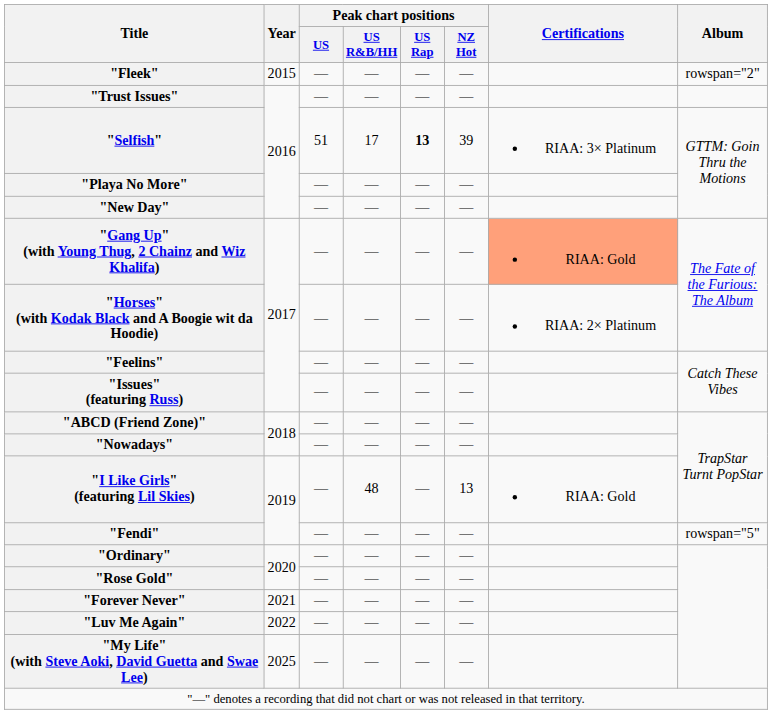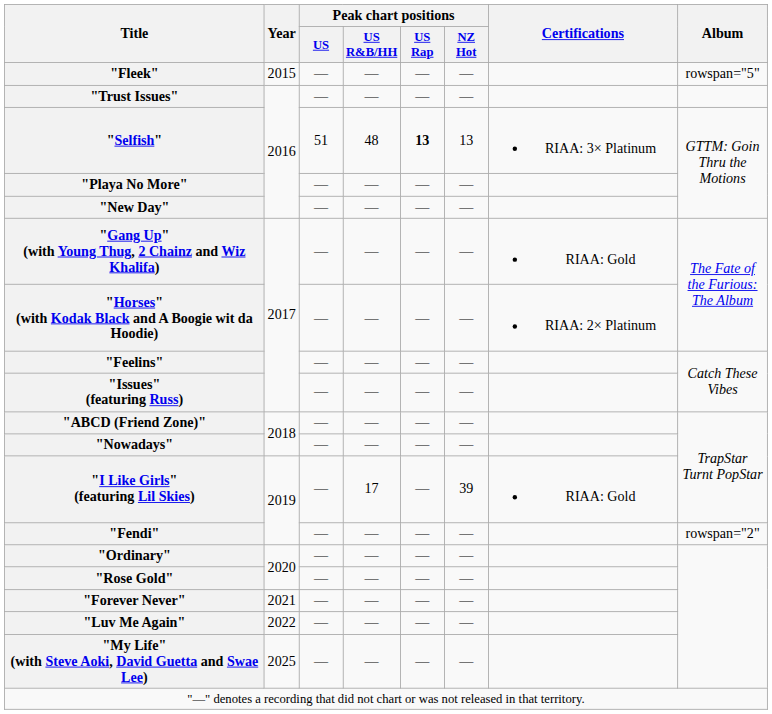 <table class="wikitable plainrowheaders" style="text-align:center;">
 <tr>
 <th scope="col" rowspan="2" style="width:18em;">Title</th>
 <th scope="col" rowspan="2">Year</th>
 <th scope="col" colspan="4">Peak chart positions</th>
 <th scope="col" rowspan="2" style="width:13em;"><a href='#'>Certifications</a></th>
 <th scope="col" rowspan="2">Album</th>
 </tr>
 <tr>
 <th scope="col" style="width:3em;font-size:90%;"><a href='#'>US</a><br></th>
 <th scope="col" style="width:3em;font-size:90%;"><a href='#'>US R&B/HH</a><br></th>
 <th scope="col" style="width:3em;font-size:90%;"><a href='#'>US Rap</a><br></th>
 <th scope="col" style="width:3em;font-size:90%;"><a href='#'>NZ<br>Hot</a><br></th>
 </tr>
 <tr>
 <th scope="row">"Fleek"</th>
 <td>2015</td>
 <td>—</td>
 <td>—</td>
 <td>—</td>
 <td>—</td>
 <td></td>
-<td>rowspan="2" </td>
+<td>rowspan="5" </td>
 </tr>
 <tr>
 <th scope="row">"Trust Issues"<br></th>
 <td rowspan="4">2016</td>
 <td>—</td>
 <td>—</td>
 <td>—</td>
 <td>—</td>
 <td></td>
 </tr>
 <tr>
 <th scope="row">"<a href='#'>Selfish</a>"</th>
 <td>51</td>
-<td>17</td>
+<td>48</td>
 <td><strong>13</strong></td>
-<td>39</td>
+<td>13<br></td>
 <td><br><ul><li>RIAA: 3× Platinum</li></ul></td>
 <td rowspan="3"><em>GTTM: Goin Thru the Motions</em></td>
 </tr>
 <tr>
 <th scope="row">"Playa No More"<br></th>
 <td>—</td>
 <td>—</td>
 <td>—</td>
 <td>—</td>
 <td></td>
 </tr>
 <tr>
 <th scope="row">"New Day"</th>
 <td>—</td>
 <td>—</td>
 <td>—</td>
 <td>—</td>
 <td></td>
 </tr>
 <tr>
 <th scope="row">"<a href='#'>Gang Up</a>"<br><span>(with <a href='#'>Young Thug</a>, <a href='#'>2 Chainz</a> and <a href='#'>Wiz Khalifa</a>)</span></th>
 <td rowspan="4">2017</td>
 <td>—</td>
 <td>—</td>
 <td>—</td>
 <td>—</td>
-<td style="background: lightsalmon;"><br><ul><li>RIAA: Gold</li></ul></td>
+<td><br><ul><li>RIAA: Gold</li></ul></td>
 <td rowspan="2"><em><a href='#'>The Fate of the Furious: The Album</a></em></td>
 </tr>
 <tr>
 <th scope="row">"<a href='#'>Horses</a>"<br><span>(with <a href='#'>Kodak Black</a> and A Boogie wit da Hoodie)</span></th>
 <td>—</td>
 <td>—</td>
 <td>—</td>
 <td>—</td>
 <td><br><ul><li>RIAA: 2× Platinum</li></ul></td>
 </tr>
 <tr>
 <th scope="row">"Feelins"</th>
 <td>—</td>
 <td>—</td>
 <td>—</td>
 <td>—</td>
 <td></td>
 <td rowspan="2"><em>Catch These Vibes</em></td>
 </tr>
 <tr>
 <th scope="row">"Issues"<br><span>(featuring <a href='#'>Russ</a>)</span></th>
 <td>—</td>
 <td>—</td>
 <td>—</td>
 <td>—</td>
 <td></td>
 </tr>
 <tr>
 <th scope="row">"ABCD (Friend Zone)"</th>
 <td rowspan="2">2018</td>
 <td>—</td>
 <td>—</td>
 <td>—</td>
 <td>—</td>
 <td></td>
 <td rowspan="3"><em>TrapStar Turnt PopStar</em></td>
 </tr>
 <tr>
 <th scope="row">"Nowadays"</th>
 <td>—</td>
 <td>—</td>
 <td>—</td>
 <td>—</td>
 <td></td>
 </tr>
 <tr>
 <th scope="row">"<a href='#'>I Like Girls</a>"<br><span>(featuring <a href='#'>Lil Skies</a>)</span></th>
 <td rowspan="2">2019</td>
 <td>—</td>
-<td>48</td>
+<td>17</td>
 <td>—</td>
-<td>13<br></td>
+<td>39</td>
 <td><br><ul><li>RIAA: Gold</li></ul></td>
 </tr>
 <tr>
 <th scope="row">"Fendi"<br></th>
 <td>—</td>
 <td>—</td>
 <td>—</td>
 <td>—</td>
 <td></td>
-<td>rowspan="5" </td>
+<td>rowspan="2" </td>
 </tr>
 <tr>
 <th scope="row">"Ordinary"<br></th>
 <td rowspan="2">2020</td>
 <td>—</td>
 <td>—</td>
 <td>—</td>
 <td>—</td>
 <td></td>
 </tr>
 <tr>
 <th scope="row">"Rose Gold"<br></th>
 <td>—</td>
 <td>—</td>
 <td>—</td>
 <td>—</td>
 <td></td>
 </tr>
 <tr>
 <th scope="row">"Forever Never"<br></th>
 <td rowspan="1">2021</td>
 <td>—</td>
 <td>—</td>
 <td>—</td>
 <td>—</td>
 <td></td>
 </tr>
 <tr>
 <th scope="row">"Luv Me Again"</th>
 <td rowspan="1">2022</td>
 <td>—</td>
 <td>—</td>
 <td>—</td>
 <td>—</td>
 <td></td>
 </tr>
 <tr>
 <th scope="row">"My Life"<br><span>(with <a href='#'>Steve Aoki</a>, <a href='#'>David Guetta</a> and <a href='#'>Swae Lee</a>)</span></th>
 <td>2025</td>
 <td>—</td>
 <td>—</td>
 <td>—</td>
 <td>—</td>
 <td></td>
 </tr>
 <tr>
 <td colspan="10" style="font-size:90%">"—" denotes a recording that did not chart or was not released in that territory.</td>
 </tr>
 </table>
